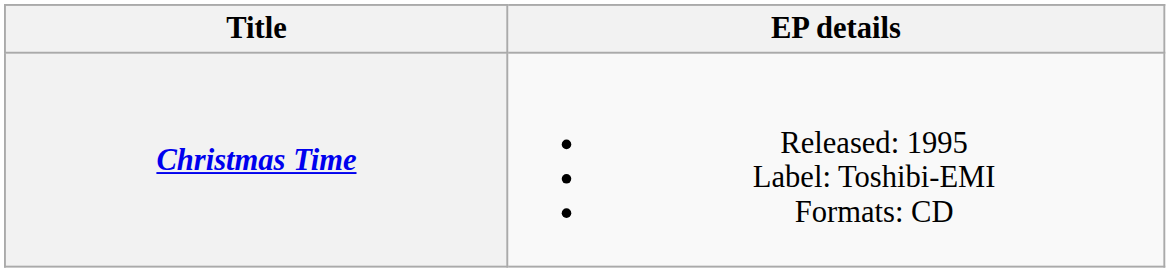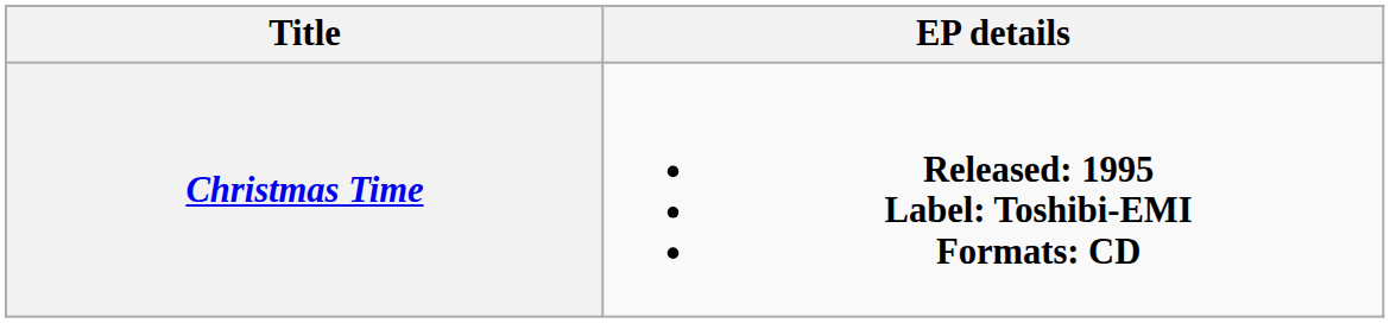 <table class="wikitable plainrowheaders" style="text-align:center;" border="1">
 <tr>
 <th scope="col" style="width:16em;">Title</th>
 <th scope="col" style="width:21em;">EP details</th>
 </tr>
 <tr>
 <th scope="row" align=left><em><a href='#'>Christmas Time</a></em></th>
-<td><br><ul><li>Released: 1995</li><li>Label: Toshibi-EMI</li><li>Formats: CD</li></ul></td>
+<td><strong><br><ul><li>Released: 1995</li><li>Label: Toshibi-EMI</li><li>Formats: CD</li></ul></strong></td>
 </tr>
 </table>
